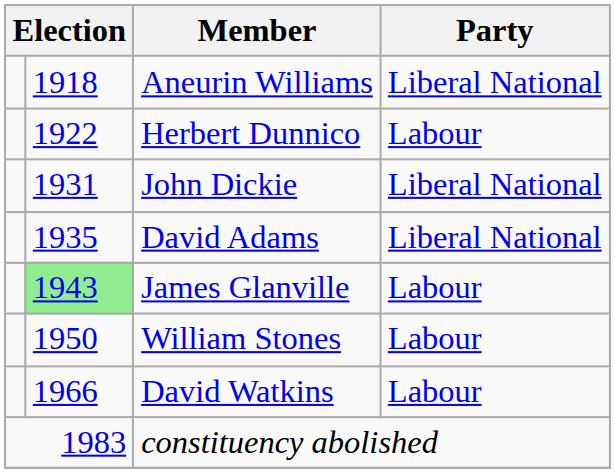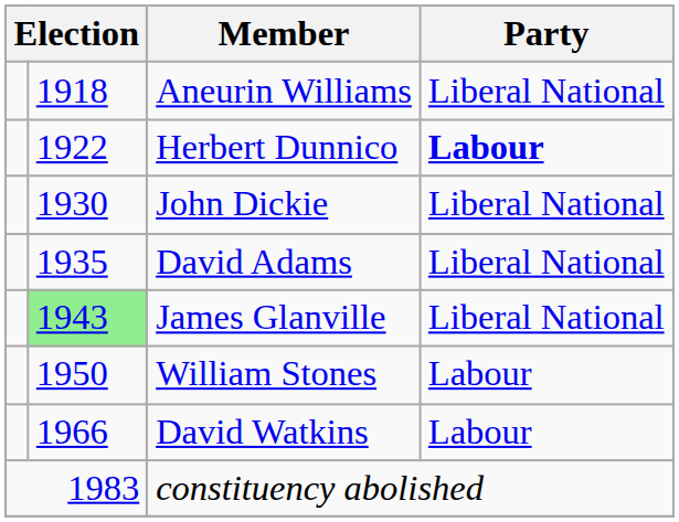 <table class="wikitable">
 <tr>
 <th colspan="2">Election</th>
 <th>Member</th>
 <th>Party</th>
 </tr>
 <tr>
 <td style="color:inherit;background-color: "></td>
 <td><a href='#'>1918</a></td>
 <td><a href='#'>Aneurin Williams</a></td>
 <td><a href='#'>Liberal National</a></td>
 </tr>
 <tr>
 <td style="color:inherit;background-color: "></td>
 <td><a href='#'>1922</a></td>
 <td><a href='#'>Herbert Dunnico</a></td>
-<td><a href='#'>Labour</a></td>
+<td><strong><a href='#'>Labour</a></strong></td>
 </tr>
 <tr>
 <td style="color:inherit;background-color: "></td>
-<td><a href='#'>1931</a></td>
+<td><a href='#'>1930</a></td>
 <td><a href='#'>John Dickie</a></td>
 <td><a href='#'>Liberal National</a></td>
 </tr>
 <tr>
 <td style="color:inherit;background-color: "></td>
 <td><a href='#'>1935</a></td>
 <td><a href='#'>David Adams</a></td>
 <td><a href='#'>Liberal National</a></td>
 </tr>
 <tr>
 <td style="color:inherit;background-color: "></td>
 <td style="background: lightgreen;"><a href='#'>1943</a></td>
 <td><a href='#'>James Glanville</a></td>
-<td><a href='#'>Labour</a></td>
+<td><a href='#'>Liberal National</a></td>
 </tr>
 <tr>
 <td style="color:inherit;background-color: "></td>
 <td><a href='#'>1950</a></td>
 <td><a href='#'>William Stones</a></td>
 <td><a href='#'>Labour</a></td>
 </tr>
 <tr>
 <td style="color:inherit;background-color: "></td>
 <td><a href='#'>1966</a></td>
 <td><a href='#'>David Watkins</a></td>
 <td><a href='#'>Labour</a></td>
 </tr>
 <tr>
 <td colspan=2 align="right"><a href='#'>1983</a></td>
 <td colspan="2"><em>constituency abolished</em></td>
 </tr>
 <tr>
 </tr>
 </table>
